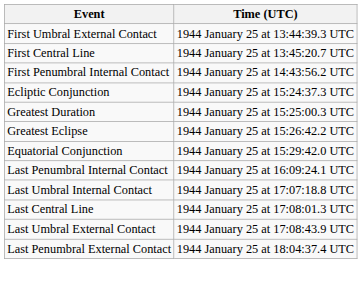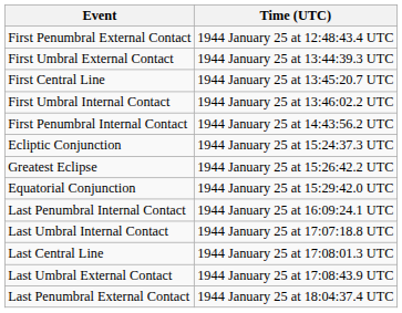 <table class="wikitable">
 <tr>
 <th>Event</th>
 <th>Time (UTC)</th>
+</tr>
+<tr>
+<td>First Penumbral External Contact</td>
+<td>1944 January 25 at 12:48:43.4 UTC</td>
 </tr>
 <tr>
 <td>First Umbral External Contact</td>
 <td>1944 January 25 at 13:44:39.3 UTC</td>
 </tr>
 <tr>
 <td>First Central Line</td>
 <td>1944 January 25 at 13:45:20.7 UTC</td>
 </tr>
 <tr>
+<td>First Umbral Internal Contact</td>
+<td>1944 January 25 at 13:46:02.2 UTC</td>
+</tr>
+<tr>
 <td>First Penumbral Internal Contact</td>
 <td>1944 January 25 at 14:43:56.2 UTC</td>
 </tr>
 <tr>
 <td>Ecliptic Conjunction</td>
 <td>1944 January 25 at 15:24:37.3 UTC</td>
-</tr>
-<tr>
-<td>Greatest Duration</td>
-<td>1944 January 25 at 15:25:00.3 UTC</td>
 </tr>
 <tr>
 <td>Greatest Eclipse</td>
 <td>1944 January 25 at 15:26:42.2 UTC</td>
 </tr>
 <tr>
 <td>Equatorial Conjunction</td>
 <td>1944 January 25 at 15:29:42.0 UTC</td>
 </tr>
 <tr>
 <td>Last Penumbral Internal Contact</td>
 <td>1944 January 25 at 16:09:24.1 UTC</td>
 </tr>
 <tr>
 <td>Last Umbral Internal Contact</td>
 <td>1944 January 25 at 17:07:18.8 UTC</td>
 </tr>
 <tr>
 <td>Last Central Line</td>
 <td>1944 January 25 at 17:08:01.3 UTC</td>
 </tr>
 <tr>
 <td>Last Umbral External Contact</td>
 <td>1944 January 25 at 17:08:43.9 UTC</td>
 </tr>
 <tr>
 <td>Last Penumbral External Contact</td>
 <td>1944 January 25 at 18:04:37.4 UTC</td>
 </tr>
 </table>
